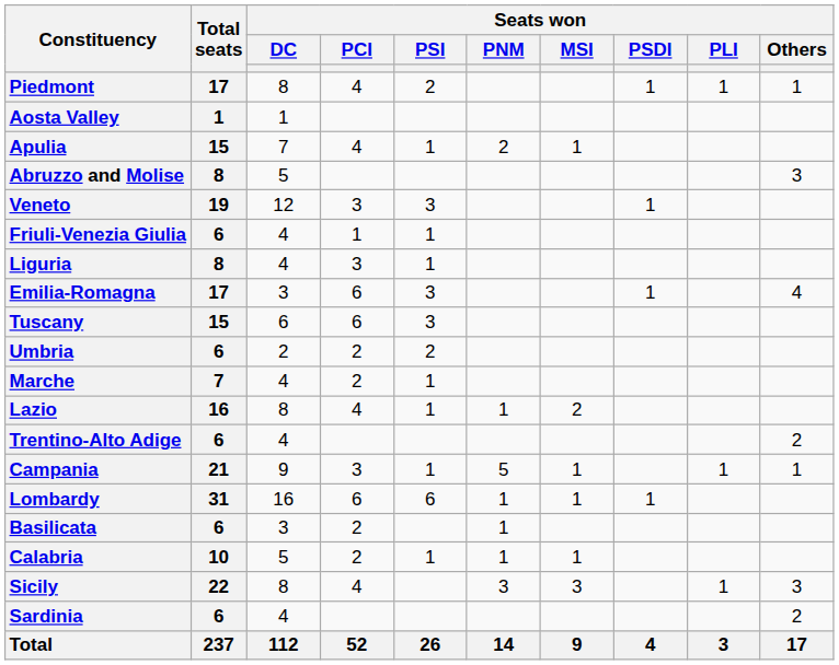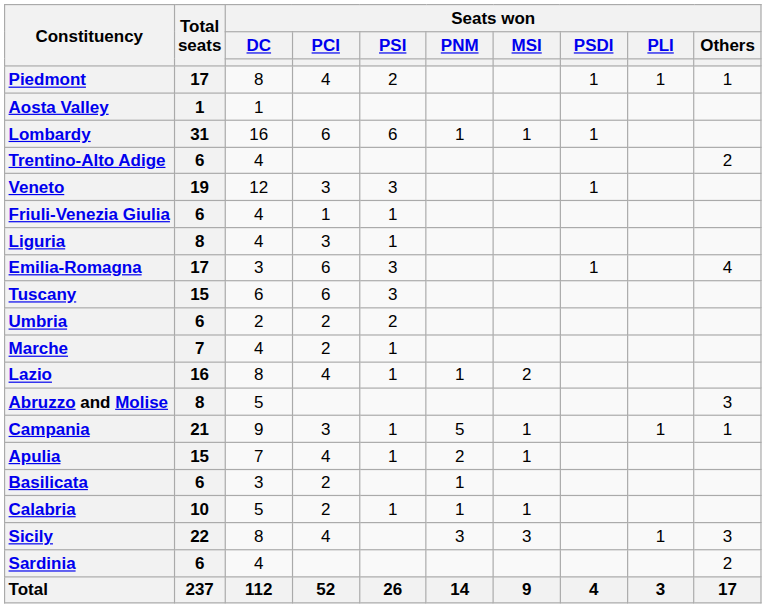 <table class="wikitable" style="text-align:center; font-size: 0.9em;">
 <tr>
 <th rowspan="3">Constituency</th>
 <th rowspan="3">Total<br>seats</th>
 <th colspan="8">Seats won</th>
 </tr>
 <tr>
 <th class="unsortable" style="width:50px;"><a href='#'>DC</a></th>
 <th class="unsortable" style="width:50px;"><a href='#'>PCI</a></th>
 <th class="unsortable" style="width:50px;"><a href='#'>PSI</a></th>
 <th class="unsortable" style="width:50px;"><a href='#'>PNM</a></th>
 <th class="unsortable" style="width:50px;"><a href='#'>MSI</a></th>
 <th class="unsortable" style="width:50px;"><a href='#'>PSDI</a></th>
 <th class="unsortable" style="width:50px;"><a href='#'>PLI</a></th>
 <th class="unsortable" style="width:50px;">Others</th>
 </tr>
 <tr>
 <th style="background:"></th>
 <th style="background:"></th>
 <th style="background:"></th>
 <th style="background:"></th>
 <th style="background:"></th>
 <th style="background:"></th>
 <th style="background:"></th>
 <th style="background:"></th>
 </tr>
 <tr>
 <th style="text-align: left;"><a href='#'>Piedmont</a></th>
 <th>17</th>
 <td>8</td>
 <td>4</td>
 <td>2</td>
 <td></td>
 <td></td>
 <td>1</td>
 <td>1</td>
 <td>1</td>
 </tr>
 <tr>
 <th style="text-align: left;"><a href='#'>Aosta Valley</a></th>
 <th>1</th>
 <td>1</td>
 <td></td>
 <td></td>
 <td></td>
 <td></td>
 <td></td>
 <td></td>
 <td></td>
 </tr>
 <tr>
-<th style="text-align: left;"><a href='#'>Apulia</a></th>
-<th>15</th>
-<td>7</td>
-<td>4</td>
+<th style="text-align: left;"><a href='#'>Lombardy</a></th>
+<th>31</th>
+<td>16</td>
+<td>6</td>
+<td>6</td>
 <td>1</td>
-<td>2</td>
 <td>1</td>
-<td></td>
+<td>1</td>
 <td></td>
 <td></td>
 </tr>
 <tr>
-<th style="text-align: left;"><a href='#'>Abruzzo</a> and <a href='#'>Molise</a></th>
-<th>8</th>
-<td>5</td>
+<th style="text-align: left;"><a href='#'>Trentino-Alto Adige</a></th>
+<th>6</th>
+<td>4</td>
 <td></td>
 <td></td>
 <td></td>
 <td></td>
 <td></td>
 <td></td>
-<td>3</td>
+<td>2</td>
 </tr>
 <tr>
 <th style="text-align: left;"><a href='#'>Veneto</a></th>
 <th>19</th>
 <td>12</td>
 <td>3</td>
 <td>3</td>
 <td></td>
 <td></td>
 <td>1</td>
 <td></td>
 <td></td>
 </tr>
 <tr>
 <th style="text-align: left;"><a href='#'>Friuli-Venezia Giulia</a></th>
 <th>6</th>
 <td>4</td>
 <td>1</td>
 <td>1</td>
 <td></td>
 <td></td>
 <td></td>
 <td></td>
 <td></td>
 </tr>
 <tr>
 <th style="text-align: left;"><a href='#'>Liguria</a></th>
 <th>8</th>
 <td>4</td>
 <td>3</td>
 <td>1</td>
 <td></td>
 <td></td>
 <td></td>
 <td></td>
 <td></td>
 </tr>
 <tr>
 <th style="text-align: left;"><a href='#'>Emilia-Romagna</a></th>
 <th>17</th>
 <td>3</td>
 <td>6</td>
 <td>3</td>
 <td></td>
 <td></td>
 <td>1</td>
 <td></td>
 <td>4</td>
 </tr>
 <tr>
 <th style="text-align: left;"><a href='#'>Tuscany</a></th>
 <th>15</th>
 <td>6</td>
 <td>6</td>
 <td>3</td>
 <td></td>
 <td></td>
 <td></td>
 <td></td>
 <td></td>
 </tr>
 <tr>
 <th style="text-align: left;"><a href='#'>Umbria</a></th>
 <th>6</th>
 <td>2</td>
 <td>2</td>
 <td>2</td>
 <td></td>
 <td></td>
 <td></td>
 <td></td>
 <td></td>
 </tr>
 <tr>
 <th style="text-align: left;"><a href='#'>Marche</a></th>
 <th>7</th>
 <td>4</td>
 <td>2</td>
 <td>1</td>
 <td></td>
 <td></td>
 <td></td>
 <td></td>
 <td></td>
 </tr>
 <tr>
 <th style="text-align: left;"><a href='#'>Lazio</a></th>
 <th>16</th>
 <td>8</td>
 <td>4</td>
 <td>1</td>
 <td>1</td>
 <td>2</td>
 <td></td>
 <td></td>
 <td></td>
 </tr>
 <tr>
-<th style="text-align: left;"><a href='#'>Trentino-Alto Adige</a></th>
-<th>6</th>
-<td>4</td>
+<th style="text-align: left;"><a href='#'>Abruzzo</a> and <a href='#'>Molise</a></th>
+<th>8</th>
+<td>5</td>
 <td></td>
 <td></td>
 <td></td>
 <td></td>
 <td></td>
 <td></td>
-<td>2</td>
+<td>3</td>
 </tr>
 <tr>
 <th style="text-align: left;"><a href='#'>Campania</a></th>
 <th>21</th>
 <td>9</td>
 <td>3</td>
 <td>1</td>
 <td>5</td>
 <td>1</td>
 <td></td>
 <td>1</td>
 <td>1</td>
 </tr>
 <tr>
-<th style="text-align: left;"><a href='#'>Lombardy</a></th>
-<th>31</th>
-<td>16</td>
-<td>6</td>
-<td>6</td>
+<th style="text-align: left;"><a href='#'>Apulia</a></th>
+<th>15</th>
+<td>7</td>
+<td>4</td>
 <td>1</td>
+<td>2</td>
 <td>1</td>
-<td>1</td>
+<td></td>
 <td></td>
 <td></td>
 </tr>
 <tr>
 <th style="text-align: left;"><a href='#'>Basilicata</a></th>
 <th>6</th>
 <td>3</td>
 <td>2</td>
 <td></td>
 <td>1</td>
 <td></td>
 <td></td>
 <td></td>
 <td></td>
 </tr>
 <tr>
 <th style="text-align: left;"><a href='#'>Calabria</a></th>
 <th>10</th>
 <td>5</td>
 <td>2</td>
 <td>1</td>
 <td>1</td>
 <td>1</td>
 <td></td>
 <td></td>
 <td></td>
 </tr>
 <tr>
 <th style="text-align: left;"><a href='#'>Sicily</a></th>
 <th>22</th>
 <td>8</td>
 <td>4</td>
 <td></td>
 <td>3</td>
 <td>3</td>
 <td></td>
 <td>1</td>
 <td>3</td>
 </tr>
 <tr>
 <th style="text-align: left;"><a href='#'>Sardinia</a></th>
 <th>6</th>
 <td>4</td>
 <td></td>
 <td></td>
 <td></td>
 <td></td>
 <td></td>
 <td></td>
 <td>2</td>
 </tr>
 <tr>
 <th style="text-align: left;">Total</th>
 <th>237</th>
 <th>112</th>
 <th>52</th>
 <th>26</th>
 <th>14</th>
 <th>9</th>
 <th>4</th>
 <th>3</th>
 <th>17</th>
 </tr>
 </table>
